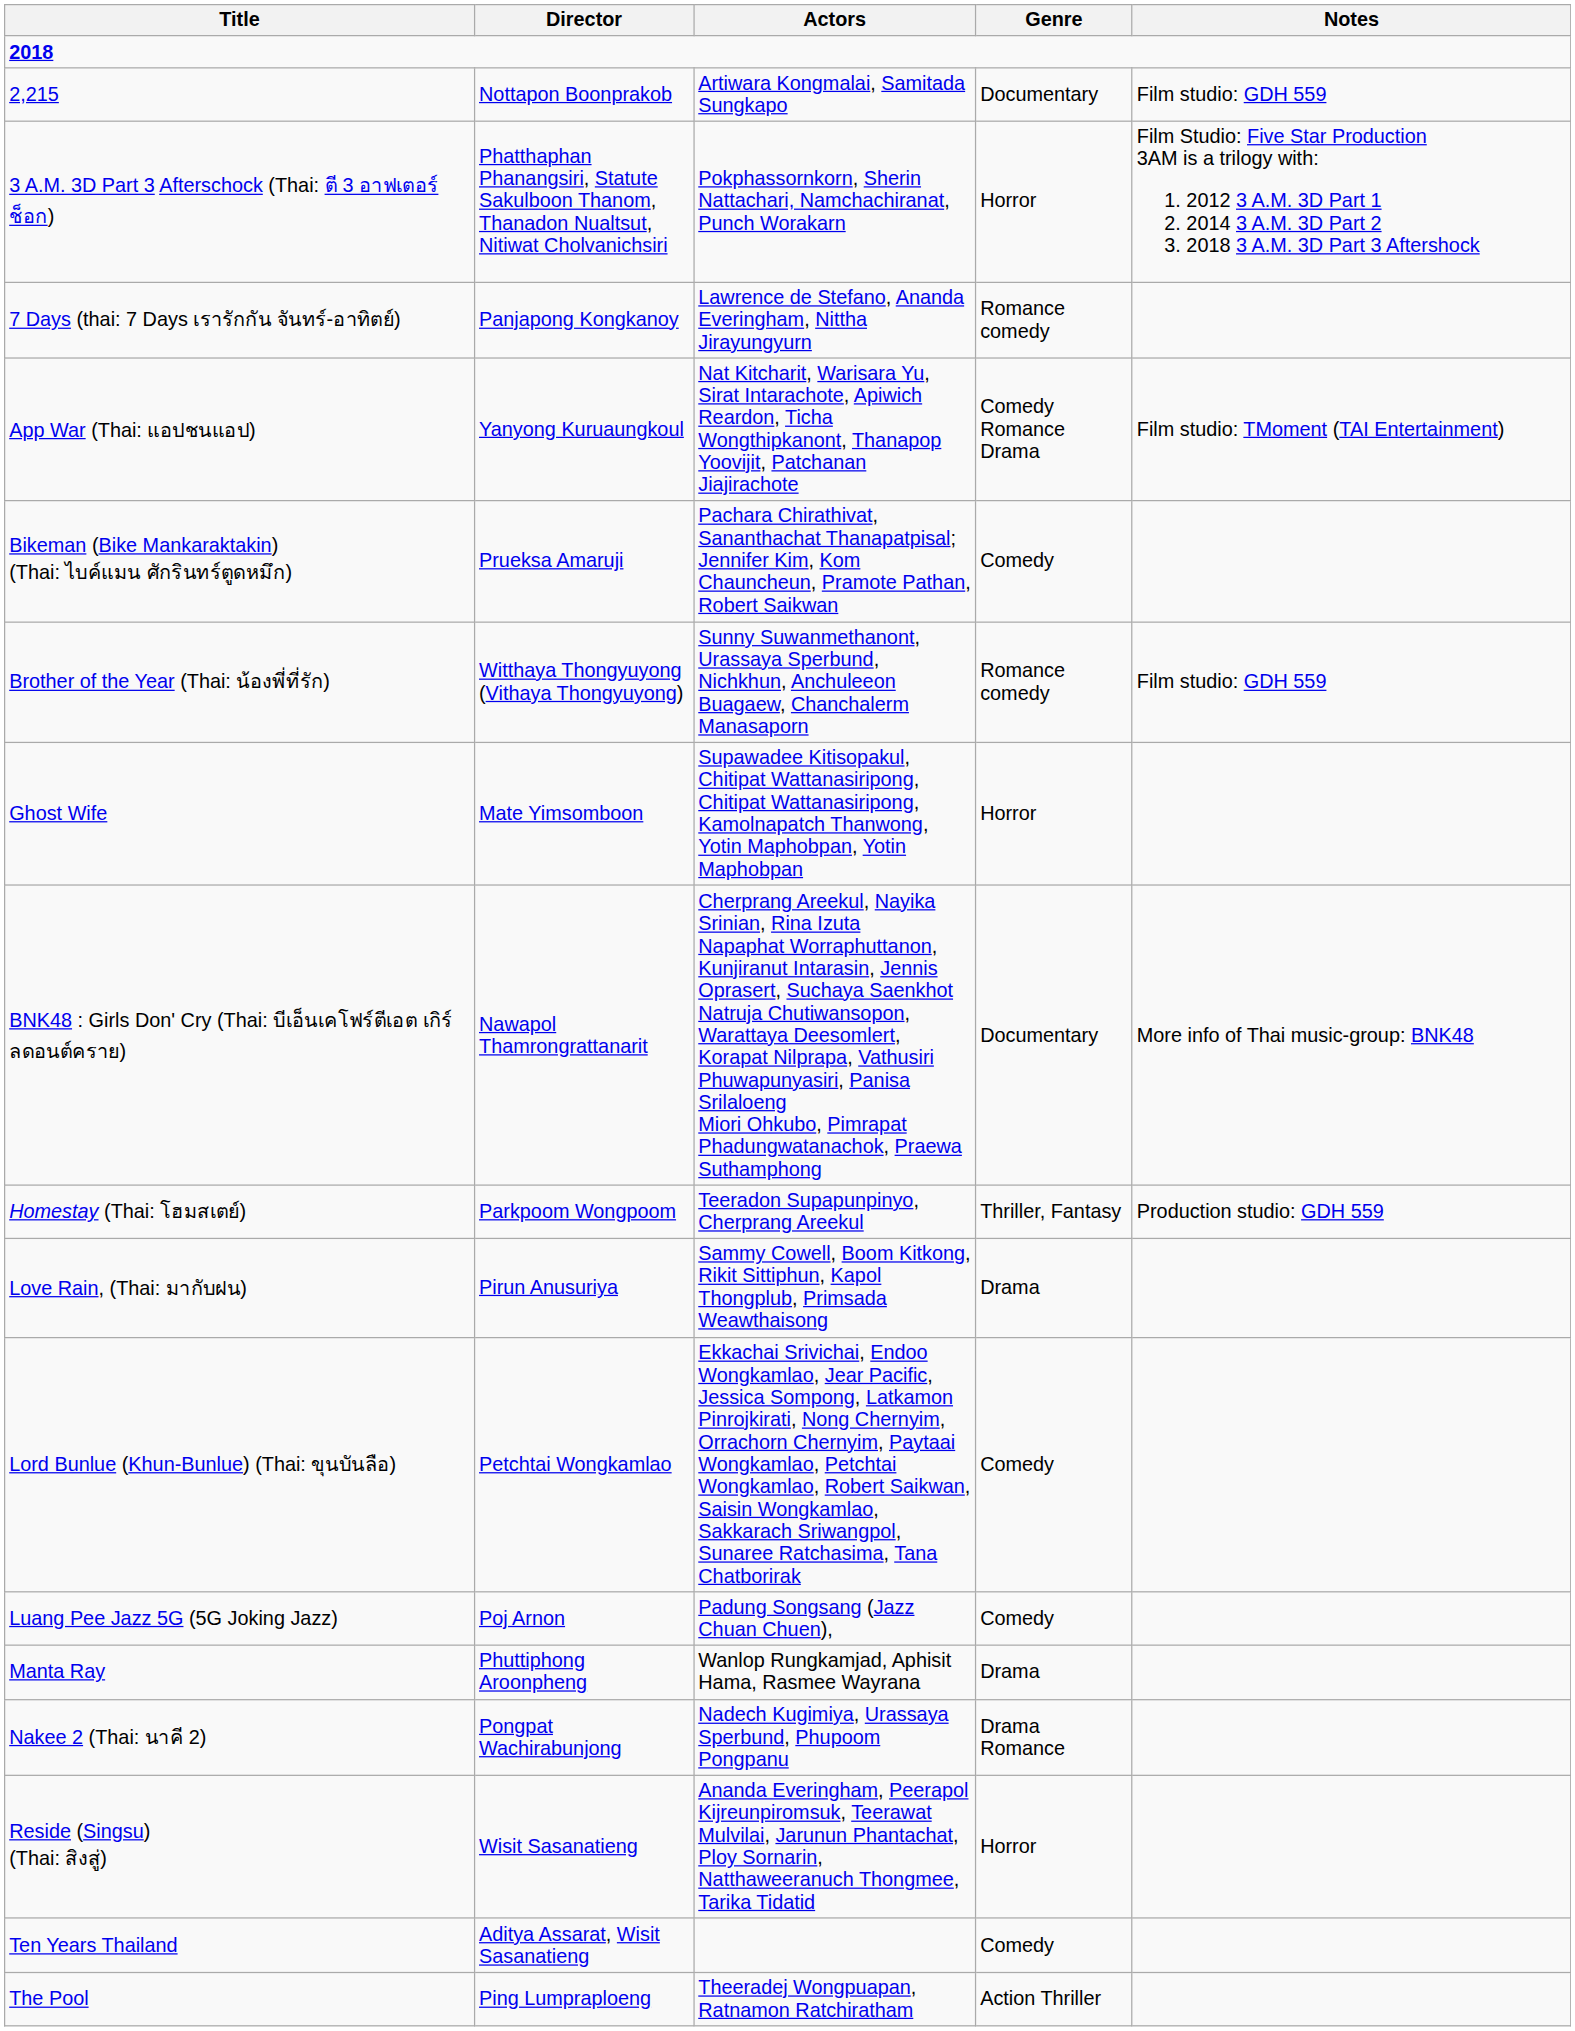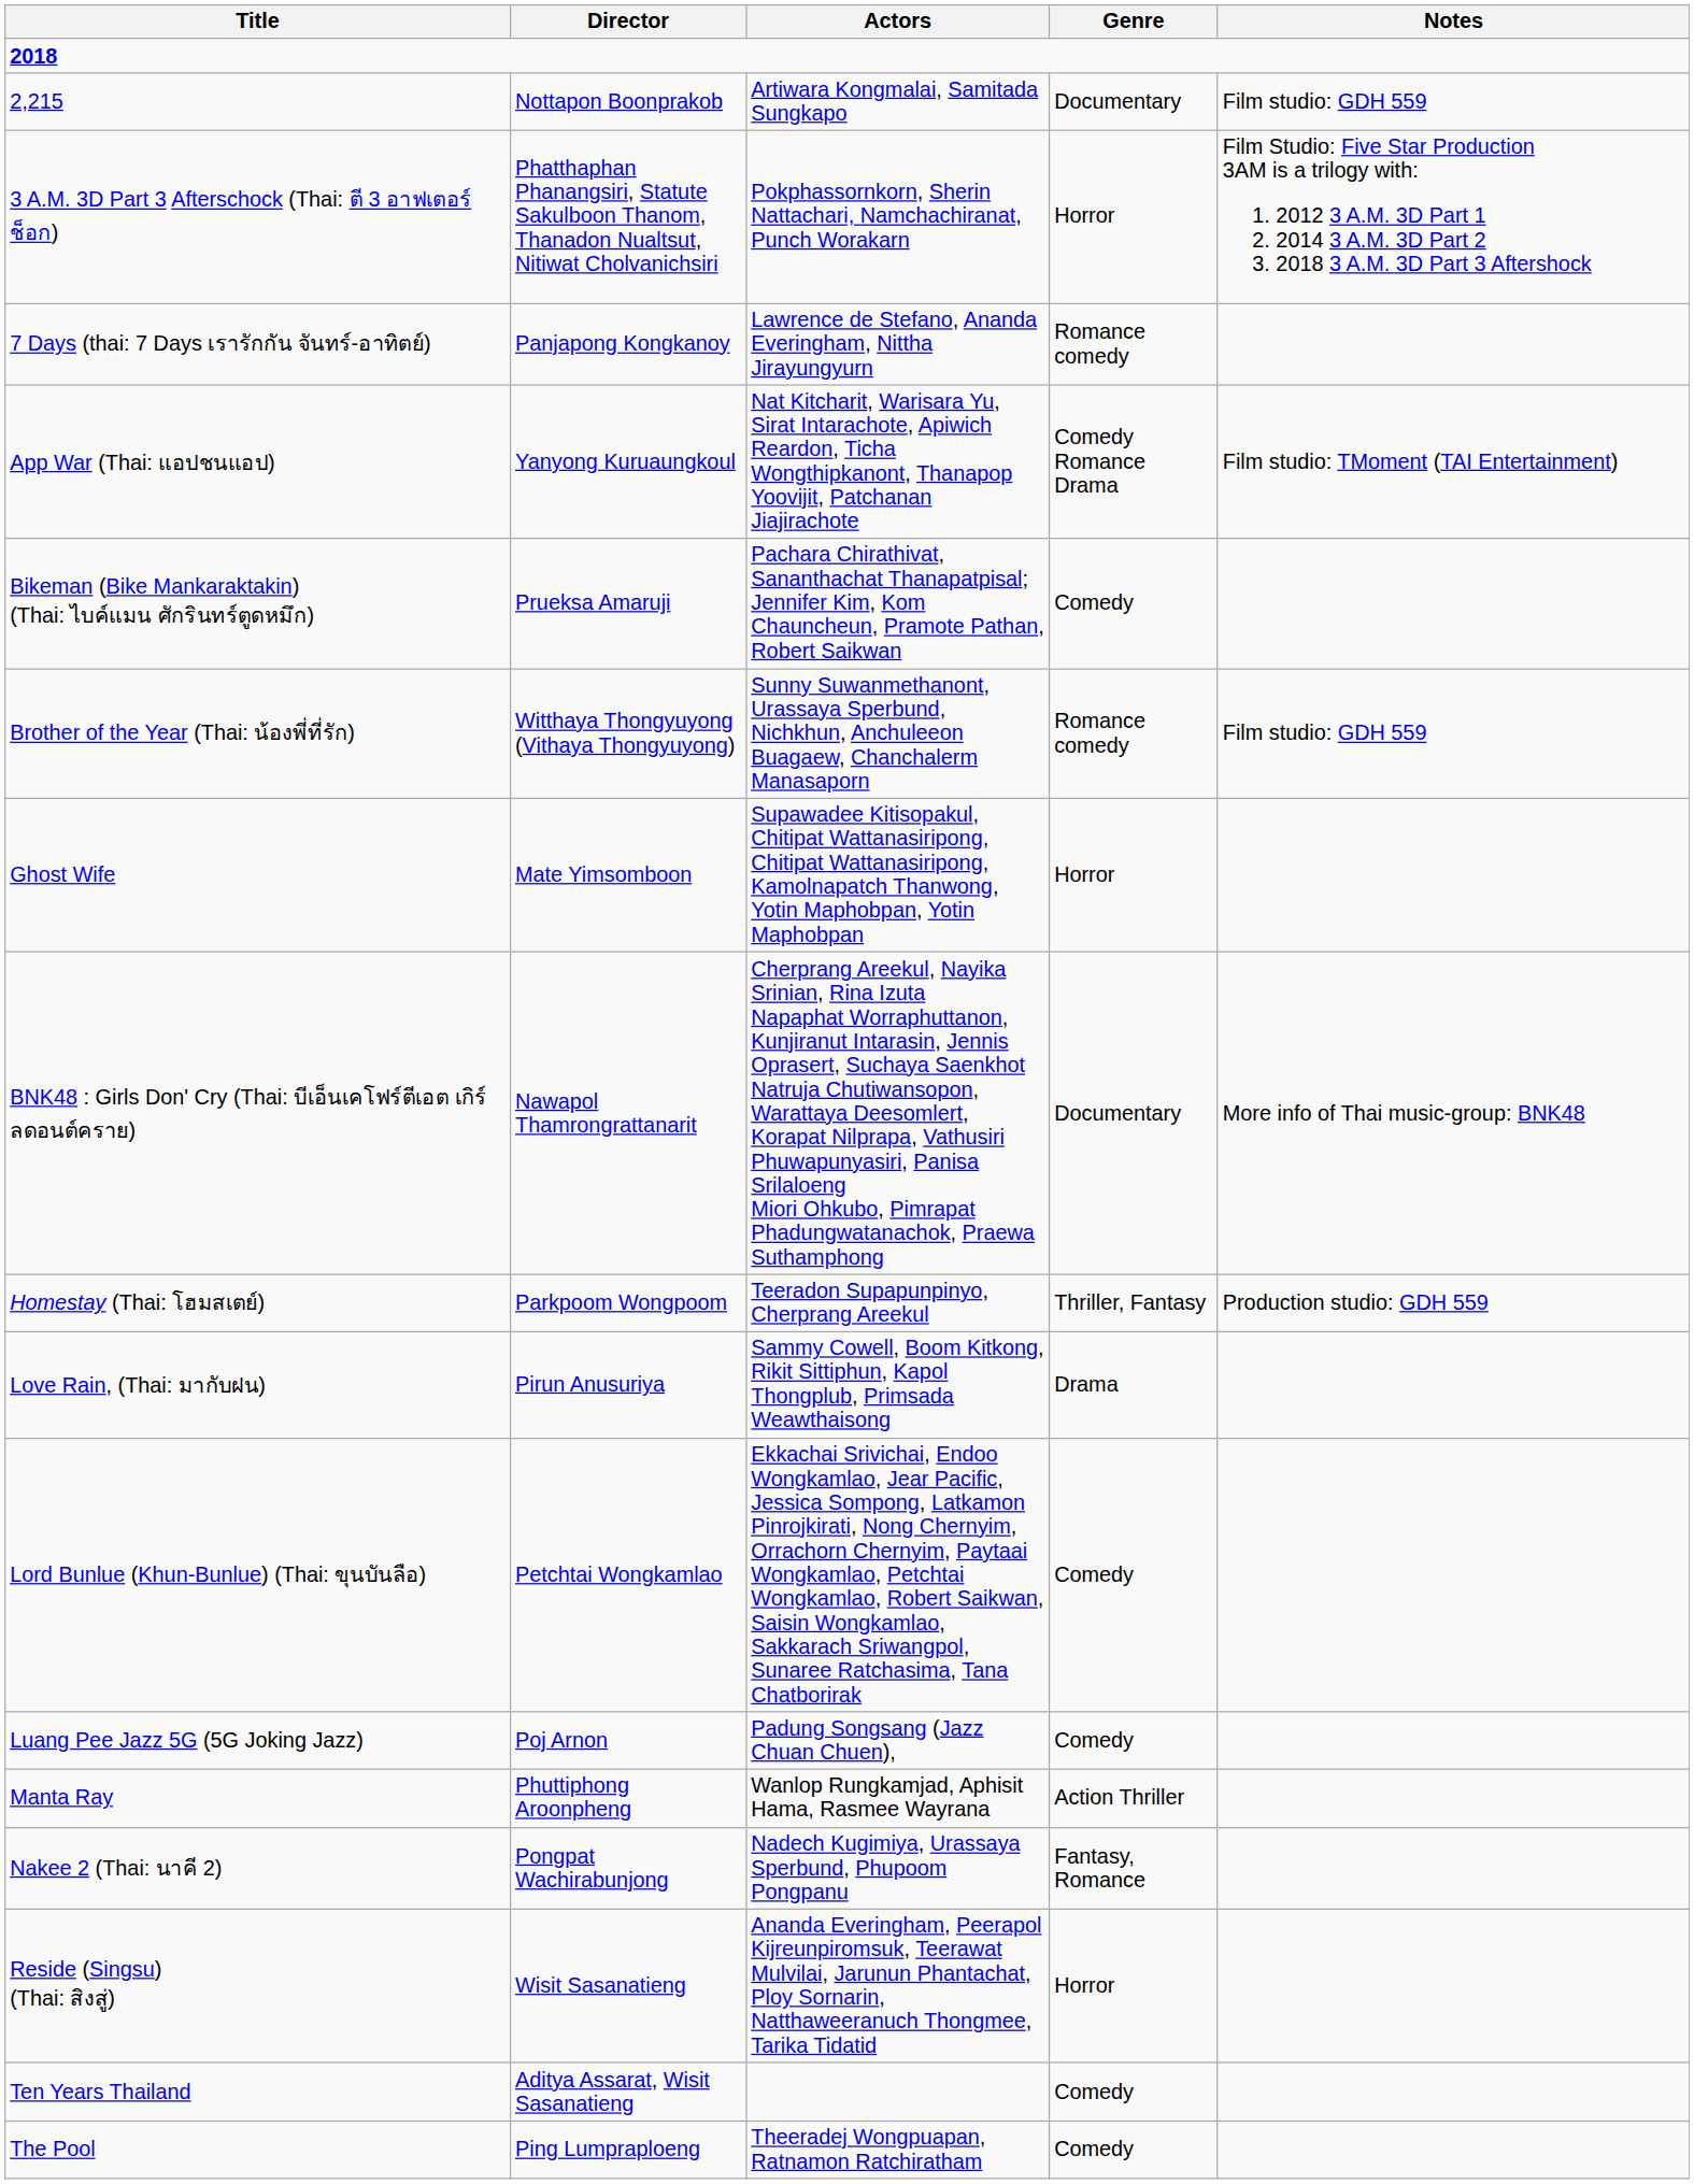 <table class="wikitable sortable" style="width:100%;">
 <tr>
 <th style="width:30%;">Title</th>
 <th style="width:14%;">Director</th>
 <th style="width:18%;">Actors</th>
 <th style="width:10%;">Genre</th>
 <th style="width:28%;">Notes</th>
 </tr>
 <tr>
 <td colspan="7" ><strong><a href='#'>2018</a></strong></td>
 </tr>
 <tr>
 <td><a href='#'>2,215</a></td>
 <td><a href='#'>Nottapon Boonprakob</a></td>
 <td><a href='#'>Artiwara Kongmalai</a>, <a href='#'>Samitada Sungkapo</a></td>
 <td>Documentary</td>
 <td>Film studio: <a href='#'>GDH 559</a></td>
 </tr>
 <tr>
 <td><a href='#'>3 A.M. 3D Part 3</a> <a href='#'>Afterschock</a> (Thai: <a href='#'>ตี 3 อาฟเตอร์ช็อก</a>)</td>
 <td><a href='#'>Phatthaphan Phanangsiri</a>, <a href='#'>Statute Sakulboon Thanom</a>, <a href='#'>Thanadon Nualtsut</a>, <a href='#'>Nitiwat Cholvanichsiri</a></td>
 <td><a href='#'>Pokphassornkorn</a>, <a href='#'>Sherin Nattachari, Namchachiranat</a>, <a href='#'>Punch Worakarn</a></td>
 <td>Horror</td>
 <td>Film Studio: <a href='#'>Five Star Production</a><br>3AM is a trilogy with:<ol><li>2012 <a href='#'>3 A.M. 3D Part 1</a></li><li>2014 <a href='#'>3 A.M. 3D Part 2</a></li><li>2018 <a href='#'>3 A.M. 3D Part 3 Aftershock</a></li></ol></td>
 </tr>
 <tr>
 <td><a href='#'>7 Days</a> (thai: 7 Days เรารักกัน จันทร์-อาทิตย์)</td>
 <td><a href='#'>Panjapong Kongkanoy</a></td>
 <td><a href='#'>Lawrence de Stefano</a>, <a href='#'>Ananda Everingham</a>, <a href='#'>Nittha Jirayungyurn</a></td>
 <td>Romance comedy</td>
 <td></td>
 </tr>
 <tr>
 <td><a href='#'>App War</a> (Thai: แอปชนแอป)</td>
 <td><a href='#'>Yanyong Kuruaungkoul</a></td>
 <td><a href='#'>Nat Kitcharit</a>, <a href='#'>Warisara Yu</a>, <a href='#'>Sirat Intarachote</a>, <a href='#'>Apiwich Reardon</a>, <a href='#'>Ticha Wongthipkanont</a>, <a href='#'>Thanapop Yoovijit</a>, <a href='#'>Patchanan Jiajirachote</a></td>
 <td>Comedy Romance Drama</td>
 <td>Film studio: <a href='#'>TMoment</a> (<a href='#'>TAI Entertainment</a>)</td>
 </tr>
 <tr>
 <td><a href='#'>Bikeman</a> (<a href='#'>Bike Mankaraktakin</a>)<br>(Thai: ไบค์แมน ศักรินทร์ตูดหมึก) <br></td>
 <td><a href='#'>Prueksa Amaruji</a></td>
 <td><a href='#'>Pachara Chirathivat</a>, <a href='#'>Sananthachat Thanapatpisal</a>; <a href='#'>Jennifer Kim</a>, <a href='#'>Kom Chauncheun</a>, <a href='#'>Pramote Pathan</a>, <a href='#'>Robert Saikwan</a></td>
 <td>Comedy</td>
 <td></td>
 </tr>
 <tr>
 <td><a href='#'>Brother of the Year</a> (Thai: น้องพี่ที่รัก)</td>
 <td><a href='#'>Witthaya Thongyuyong</a> (<a href='#'>Vithaya Thongyuyong</a>)</td>
 <td><a href='#'>Sunny Suwanmethanont</a>, <a href='#'>Urassaya Sperbund</a>, <a href='#'>Nichkhun</a>, <a href='#'>Anchuleeon Buagaew</a>, <a href='#'>Chanchalerm Manasaporn</a></td>
 <td>Romance comedy</td>
 <td>Film studio: <a href='#'>GDH 559</a></td>
 </tr>
 <tr>
 <td><a href='#'>Ghost Wife</a></td>
 <td><a href='#'>Mate Yimsomboon</a></td>
 <td><a href='#'>Supawadee Kitisopakul</a>, <a href='#'>Chitipat Wattanasiripong</a>, <a href='#'>Chitipat Wattanasiripong</a>, <a href='#'>Kamolnapatch Thanwong</a>, <a href='#'>Yotin Maphobpan</a>, <a href='#'>Yotin Maphobpan</a></td>
 <td>Horror</td>
 <td></td>
 </tr>
 <tr>
 <td><a href='#'>BNK48</a> : Girls Don' Cry (Thai: บีเอ็นเคโฟร์ตีเอต เกิร์ลดอนต์คราย)</td>
 <td><a href='#'>Nawapol Thamrongrattanarit</a></td>
 <td><a href='#'>Cherprang Areekul</a>, <a href='#'>Nayika Srinian</a>, <a href='#'>Rina Izuta</a><br><a href='#'>Napaphat Worraphuttanon</a>, <a href='#'>Kunjiranut Intarasin</a>, <a href='#'>Jennis Oprasert</a>, <a href='#'>Suchaya Saenkhot</a><br><a href='#'>Natruja Chutiwansopon</a>, <a href='#'>Warattaya Deesomlert</a>, <a href='#'>Korapat Nilprapa</a>, <a href='#'>Vathusiri Phuwapunyasiri</a>, <a href='#'>Panisa Srilaloeng</a><br><a href='#'>Miori Ohkubo</a>, <a href='#'>Pimrapat Phadungwatanachok</a>, <a href='#'>Praewa Suthamphong</a></td>
 <td>Documentary</td>
 <td>More info of Thai music-group: <a href='#'>BNK48</a></td>
 </tr>
 <tr>
 <td><em><a href='#'>Homestay</a></em> (Thai: โฮมสเตย์)</td>
 <td><a href='#'>Parkpoom Wongpoom</a></td>
 <td><a href='#'>Teeradon Supapunpinyo</a>, <a href='#'>Cherprang Areekul</a></td>
 <td>Thriller, Fantasy</td>
 <td>Production studio: <a href='#'>GDH 559</a></td>
 </tr>
 <tr>
 <td><a href='#'>Love Rain</a>, (Thai: มากับฝน)</td>
 <td><a href='#'>Pirun Anusuriya</a></td>
 <td><a href='#'>Sammy Cowell</a>, <a href='#'>Boom Kitkong</a>, <a href='#'>Rikit Sittiphun</a>, <a href='#'>Kapol Thongplub</a>, <a href='#'>Primsada Weawthaisong</a></td>
 <td>Drama</td>
 <td></td>
 </tr>
 <tr>
 <td><a href='#'>Lord Bunlue</a> (<a href='#'>Khun-Bunlue</a>) (Thai: ขุนบันลือ)</td>
 <td><a href='#'>Petchtai Wongkamlao</a></td>
 <td><a href='#'>Ekkachai Srivichai</a>, <a href='#'>Endoo Wongkamlao</a>, <a href='#'>Jear Pacific</a>, <a href='#'>Jessica Sompong</a>, <a href='#'>Latkamon Pinrojkirati</a>, <a href='#'>Nong Chernyim</a>, <a href='#'>Orrachorn Chernyim</a>, <a href='#'>Paytaai Wongkamlao</a>, <a href='#'>Petchtai Wongkamlao</a>, <a href='#'>Robert Saikwan</a>, <a href='#'>Saisin Wongkamlao</a>, <a href='#'>Sakkarach Sriwangpol</a>, <a href='#'>Sunaree Ratchasima</a>, <a href='#'>Tana Chatborirak</a></td>
 <td>Comedy</td>
 <td></td>
 </tr>
 <tr>
 <td><a href='#'>Luang Pee Jazz 5G</a> (5G Joking Jazz)</td>
 <td><a href='#'>Poj Arnon</a></td>
 <td><a href='#'>Padung Songsang</a> (<a href='#'>Jazz Chuan Chuen</a>),</td>
 <td>Comedy</td>
 <td></td>
 </tr>
 <tr>
 <td><a href='#'>Manta Ray</a></td>
 <td><a href='#'>Phuttiphong Aroonpheng</a></td>
 <td>Wanlop Rungkamjad, Aphisit Hama, Rasmee Wayrana</td>
-<td>Drama</td>
+<td>Action Thriller</td>
 <td></td>
 </tr>
 <tr>
 <td><a href='#'>Nakee 2</a> (Thai: นาคี 2)</td>
 <td><a href='#'>Pongpat Wachirabunjong</a></td>
 <td><a href='#'>Nadech Kugimiya</a>, <a href='#'>Urassaya Sperbund</a>, <a href='#'>Phupoom Pongpanu</a></td>
-<td>Drama Romance</td>
+<td>Fantasy, Romance</td>
 <td></td>
 </tr>
 <tr>
 <td><a href='#'>Reside</a> (<a href='#'>Singsu</a>)<br>(Thai: สิงสู่)</td>
 <td><a href='#'>Wisit Sasanatieng</a></td>
 <td><a href='#'>Ananda Everingham</a>, <a href='#'>Peerapol Kijreunpiromsuk</a>, <a href='#'>Teerawat Mulvilai</a>, <a href='#'>Jarunun Phantachat</a>, <a href='#'>Ploy Sornarin</a>, <a href='#'>Natthaweeranuch Thongmee</a>, <a href='#'>Tarika Tidatid</a></td>
 <td>Horror</td>
 <td></td>
 </tr>
 <tr>
 <td><a href='#'>Ten Years Thailand</a></td>
 <td><a href='#'>Aditya Assarat</a>, <a href='#'>Wisit Sasanatieng</a></td>
 <td></td>
 <td>Comedy</td>
 <td></td>
 </tr>
 <tr>
 <td><a href='#'>The Pool</a></td>
 <td><a href='#'>Ping Lumpraploeng</a></td>
 <td><a href='#'>Theeradej Wongpuapan</a>, <a href='#'>Ratnamon Ratchiratham</a></td>
-<td>Action Thriller</td>
+<td>Comedy</td>
 <td></td>
 </tr>
 </table>
